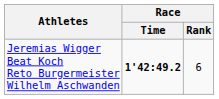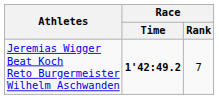 <table class="wikitable" border="1" style="font-size:90%">
 <tr>
 <th rowspan=2>Athletes</th>
 <th colspan=2>Race</th>
 </tr>
 <tr>
 <th>Time</th>
 <th>Rank</th>
 </tr>
 <tr>
 <td><a href='#'>Jeremias Wigger</a><br><a href='#'>Beat Koch</a><br><a href='#'>Reto Burgermeister</a><br><a href='#'>Wilhelm Aschwanden</a></td>
 <td align=center><strong>1'42:49.2</strong></td>
-<td align=center>6</td>
+<td align=center>7</td>
 </tr>
 </table>
